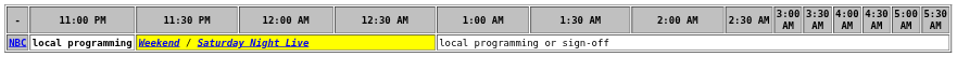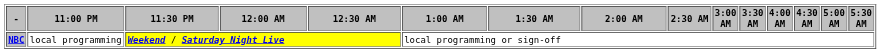 <table border="1" cellpadding="2">
 <tr>
 <th bgcolor="#C0C0C0">-</th>
 <th width="13%" bgcolor="#C0C0C0">11:00 PM</th>
 <th width="14%" bgcolor="#C0C0C0">11:30 PM</th>
 <th width="13%" bgcolor="#C0C0C0">12:00 AM</th>
 <th width="14%" bgcolor="#C0C0C0">12:30 AM</th>
 <th width="13%" bgcolor="#C0C0C0">1:00 AM</th>
 <th width="14%" bgcolor="#C0C0C0">1:30 AM</th>
 <th width="13%" bgcolor="#C0C0C0">2:00 AM</th>
 <th width="14%" bgcolor="#C0C0C0">2:30 AM</th>
 <th width="13%" bgcolor="#C0C0C0">3:00 AM</th>
 <th width="14%" bgcolor="#C0C0C0">3:30 AM</th>
 <th width="13%" bgcolor="#C0C0C0">4:00 AM</th>
 <th width="14%" bgcolor="#C0C0C0">4:30 AM</th>
 <th width="13%" bgcolor="#C0C0C0">5:00 AM</th>
 <th width="14%" bgcolor="#C0C0C0">5:30 AM</th>
 </tr>
 <tr>
 <th bgcolor="#C0C0C0"><a href='#'>NBC</a></th>
-<td bgcolor="white"><strong>local programming</strong></td>
+<td bgcolor="white">local programming</td>
 <td bgcolor="yellow" colspan="3"><strong><a href='#'><em>Weekend</em></a></strong> / <strong><em><a href='#'>Saturday Night Live</a></em></strong></td>
 <td bgcolor="white" colspan="10" rowspan=1>local programming or sign-off</td>
 </tr>
 </table>
